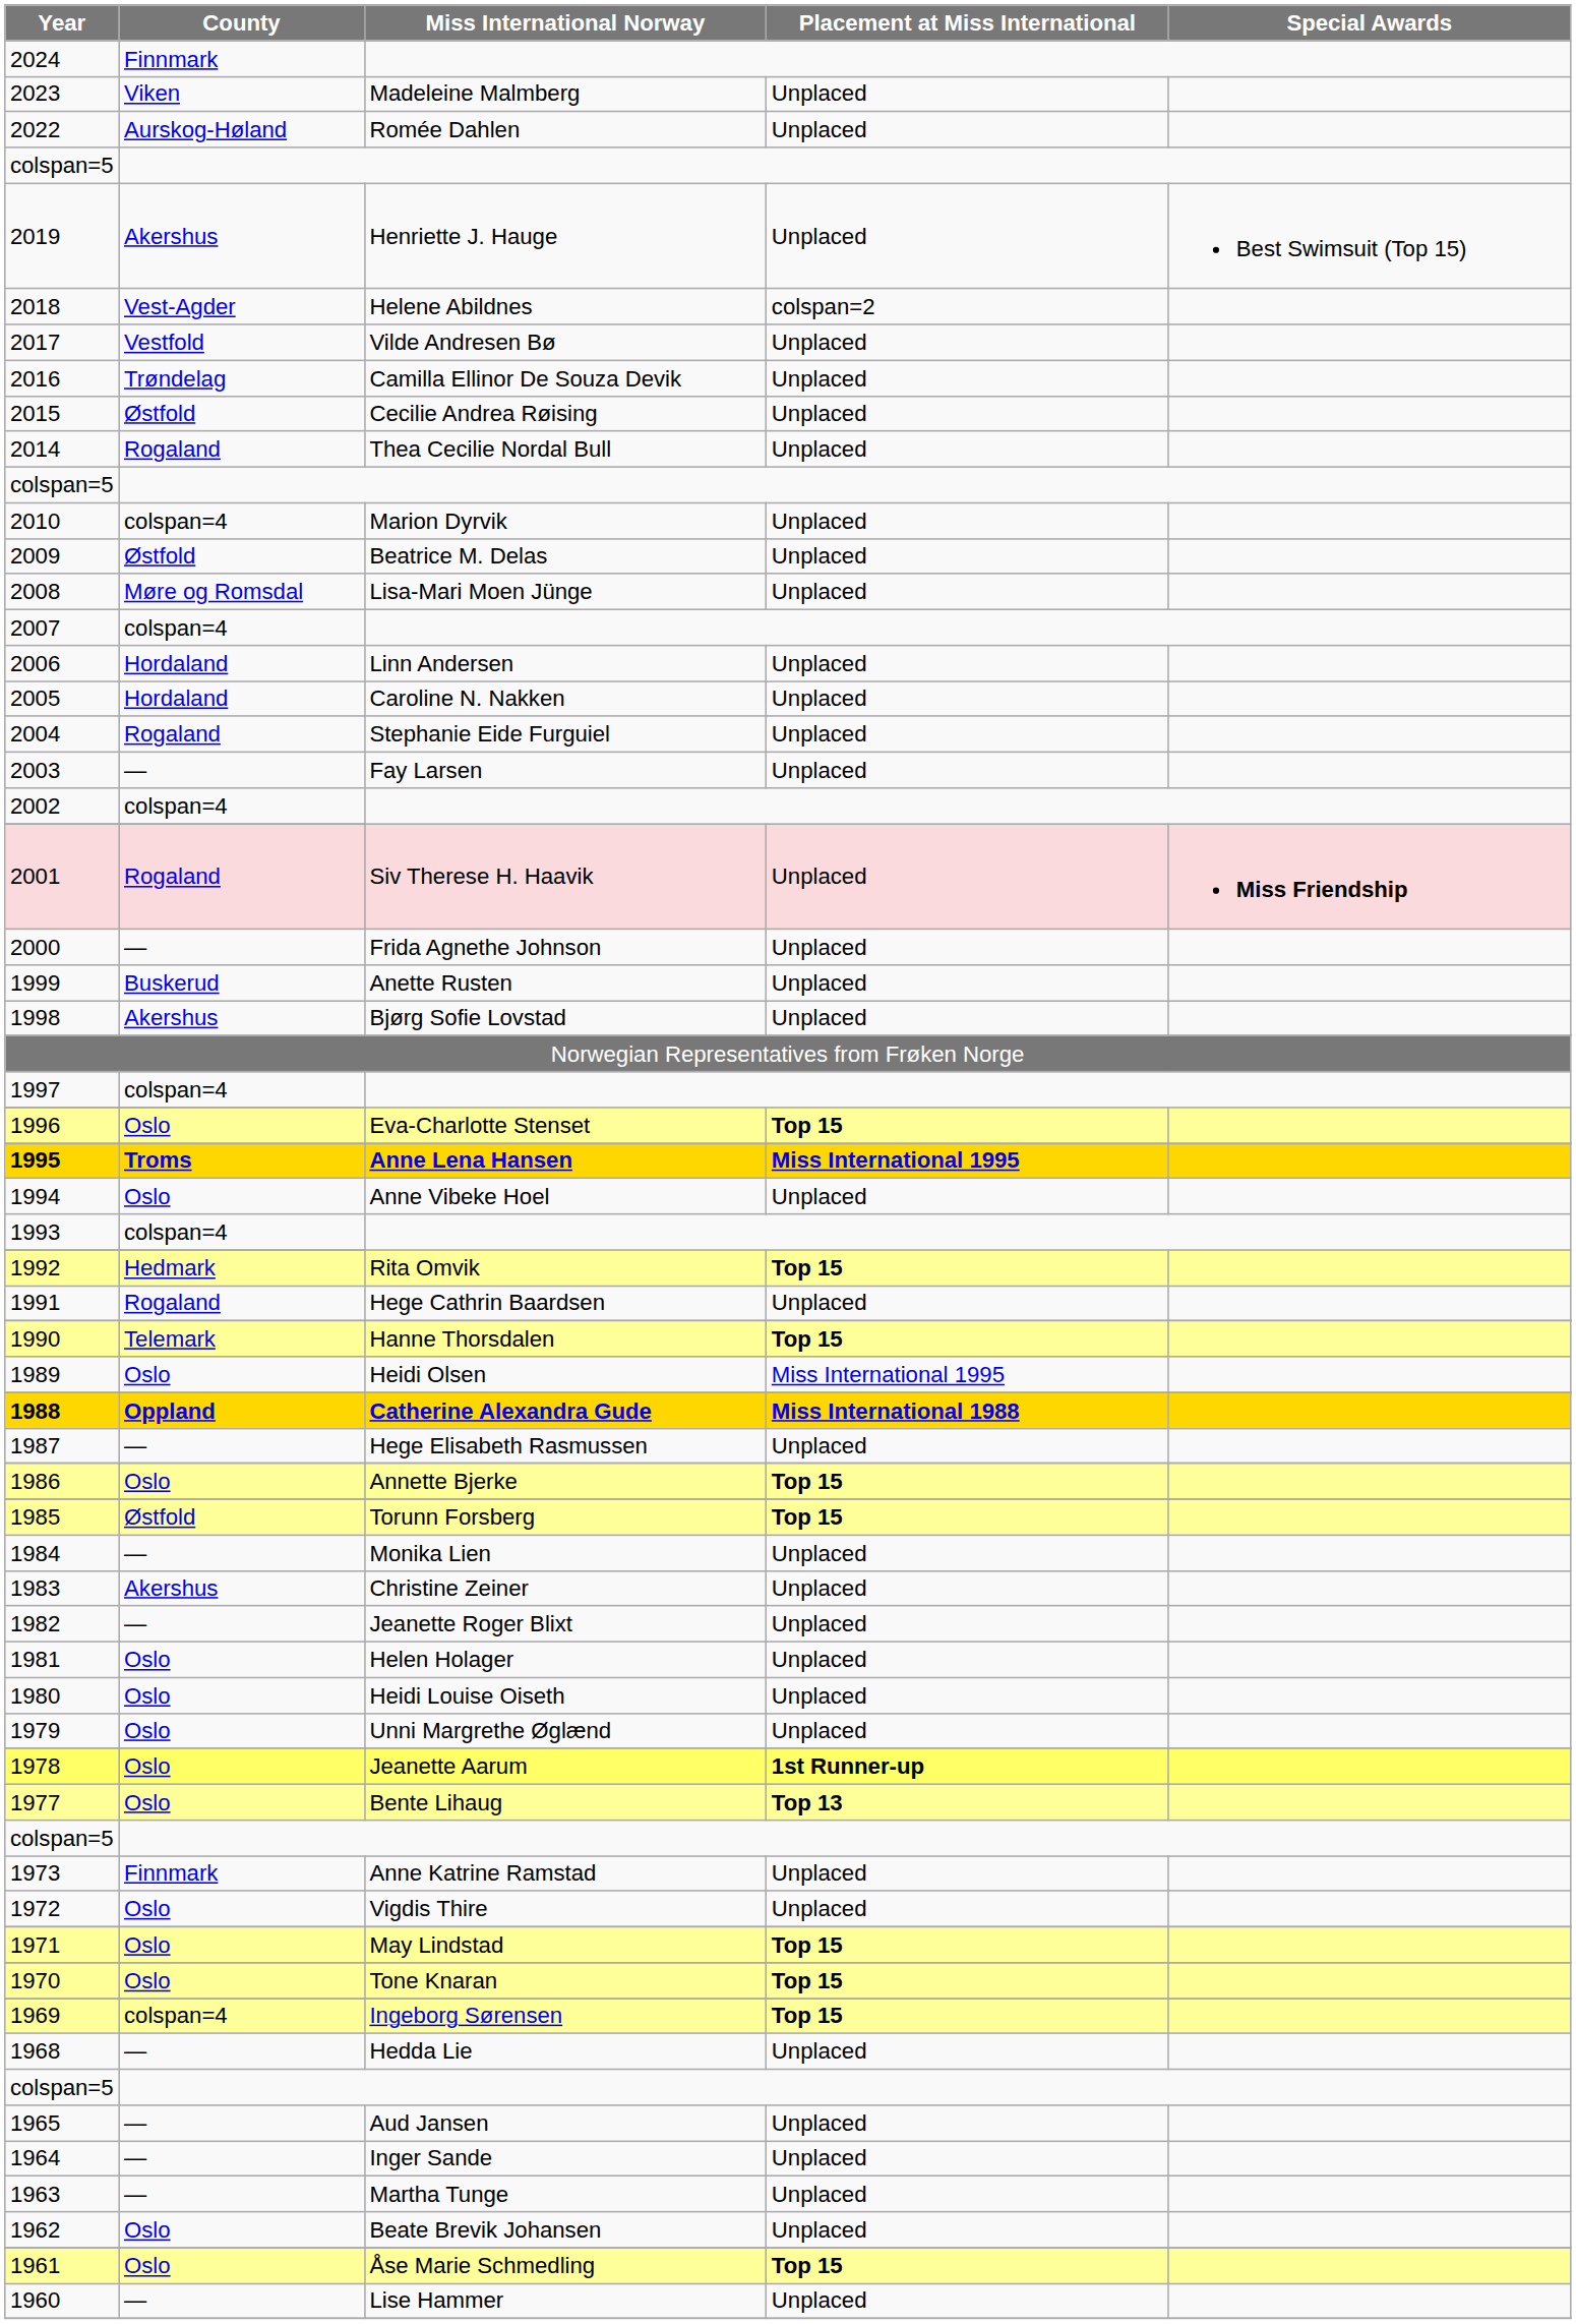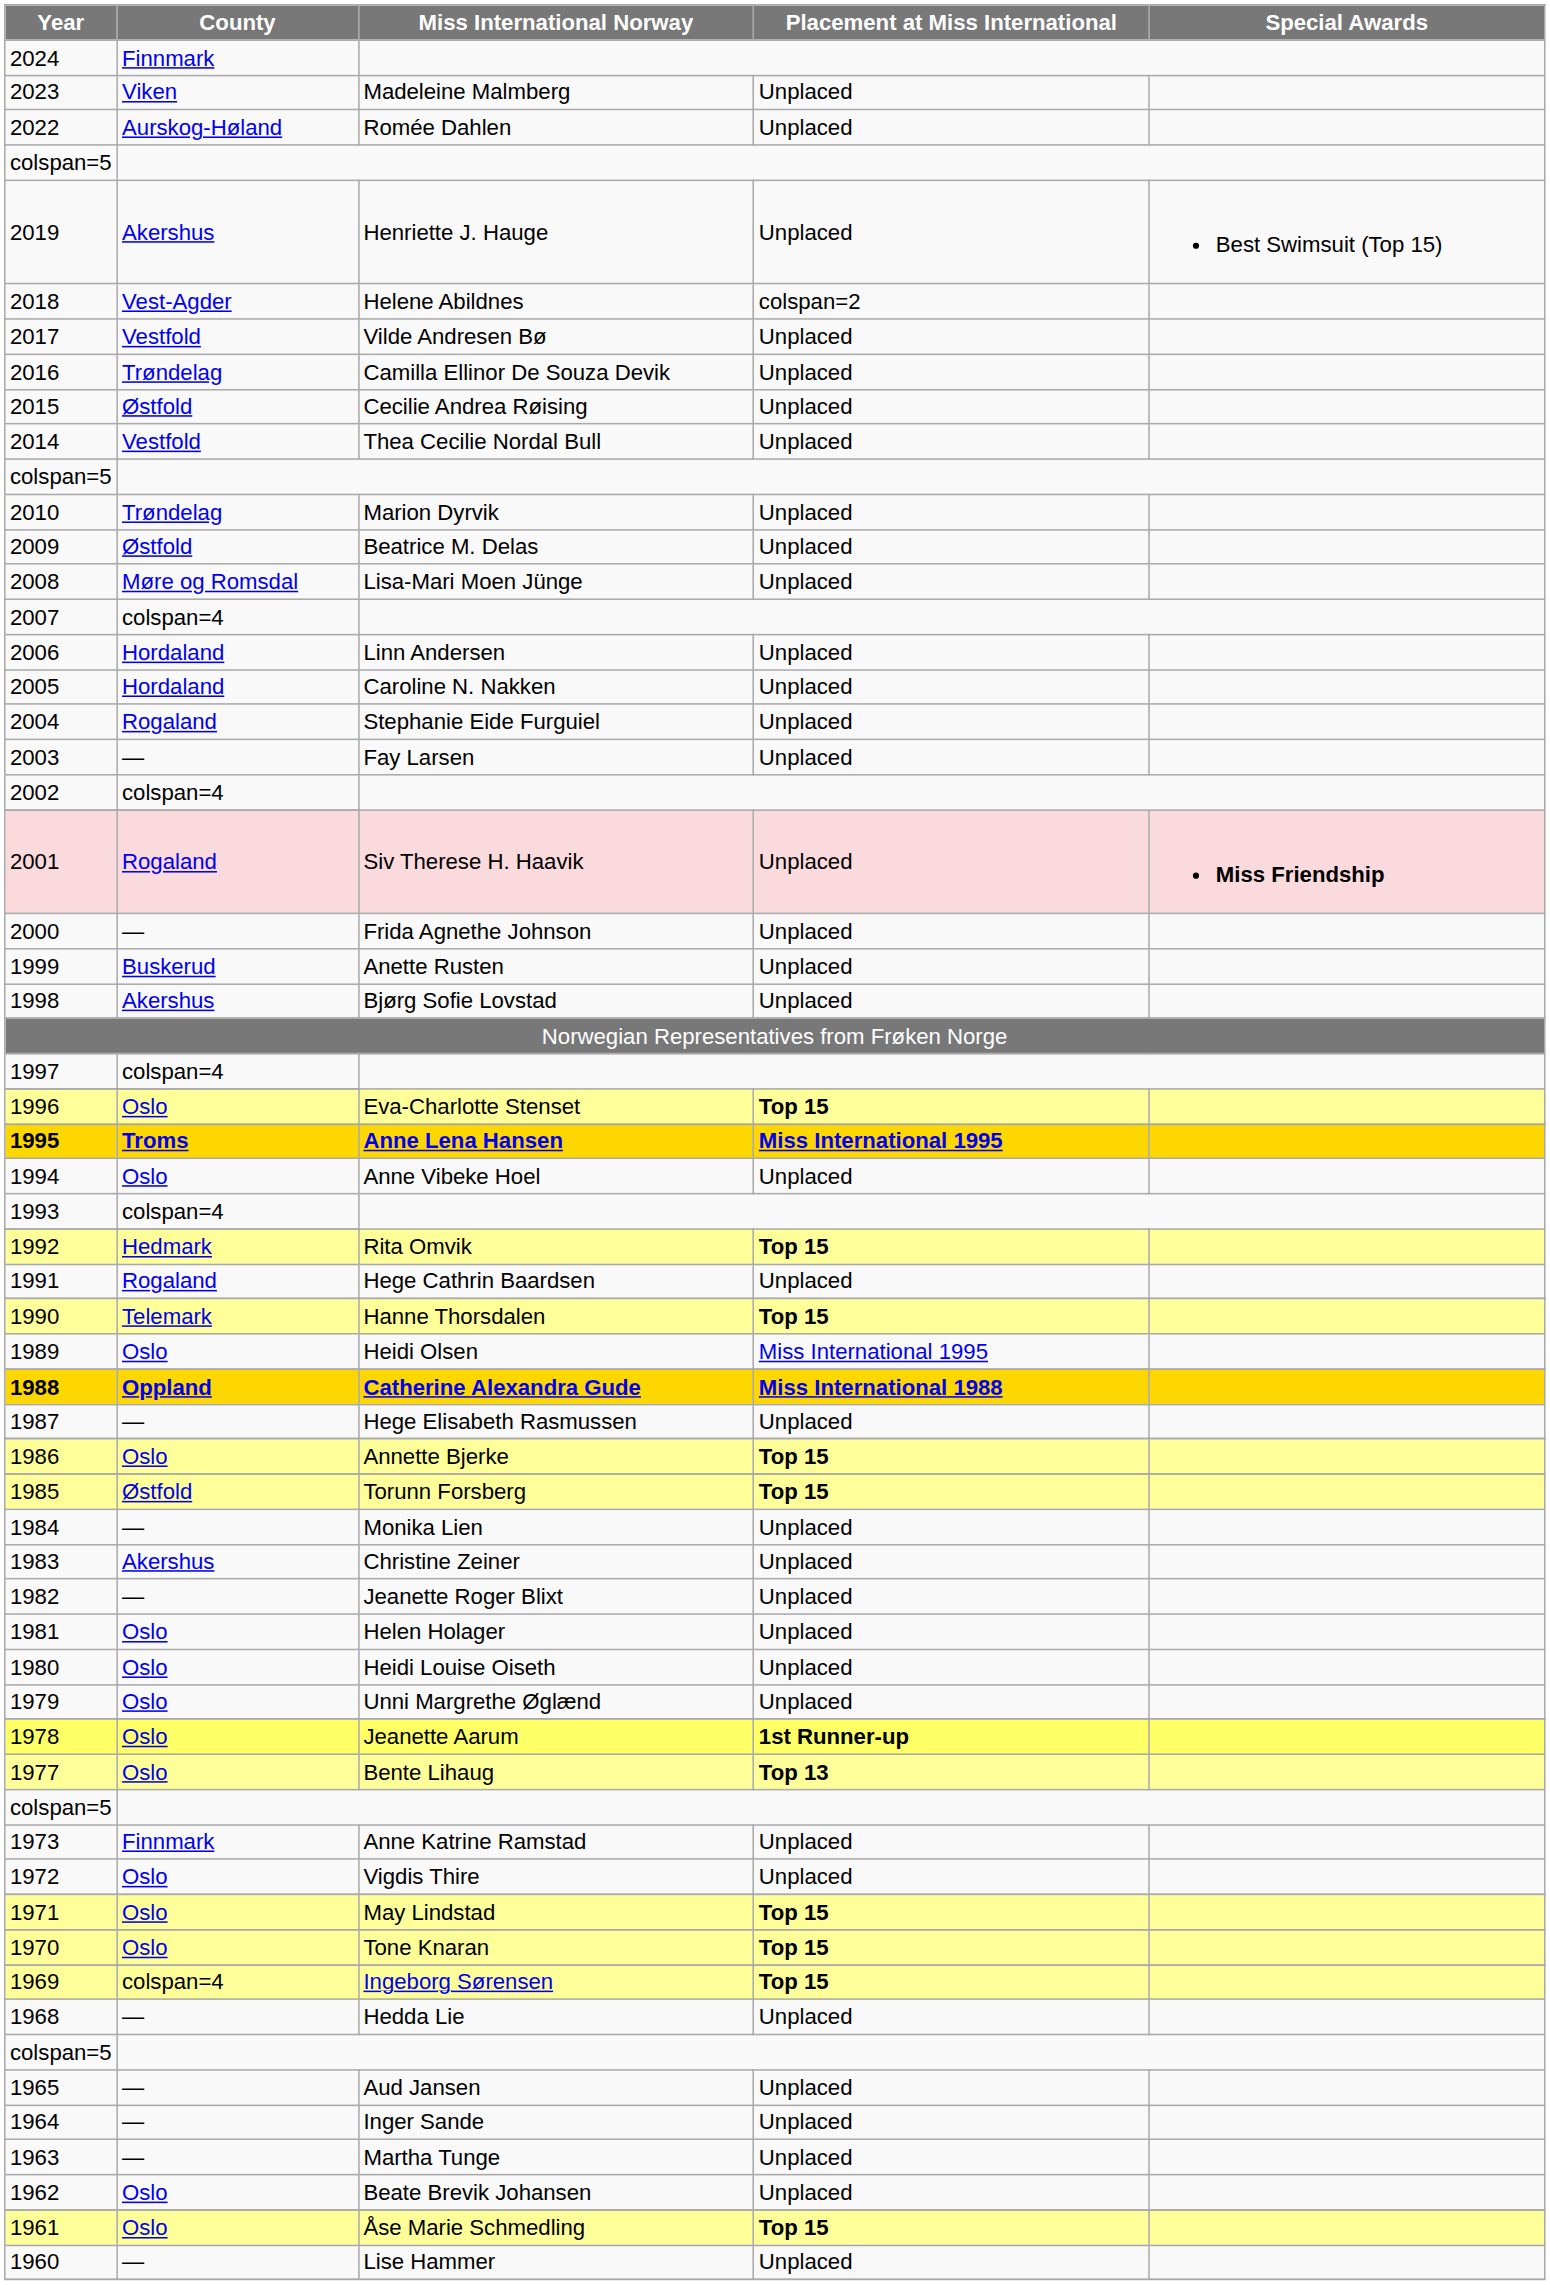 <table class="wikitable " style="font-size: 90%;">
 <tr>
 <th width="60" style="background-color:#787878;color:#FFFFFF;">Year</th>
 <th width="150" style="background-color:#787878;color:#FFFFFF;">County</th>
 <th width="250" style="background-color:#787878;color:#FFFFFF;">Miss International Norway</th>
 <th width="250" style="background-color:#787878;color:#FFFFFF;">Placement at Miss International</th>
 <th width="250" style="background-color:#787878;color:#FFFFFF;">Special Awards</th>
 </tr>
 <tr>
 <td>2024</td>
 <td><a href='#'>Finnmark</a></td>
 </tr>
 <tr>
 <td>2023</td>
 <td><a href='#'>Viken</a></td>
 <td>Madeleine Malmberg</td>
 <td>Unplaced</td>
 <td></td>
 </tr>
 <tr>
 <td>2022</td>
 <td><a href='#'>Aurskog-Høland</a></td>
 <td>Romée Dahlen</td>
 <td>Unplaced</td>
 <td></td>
 </tr>
 <tr>
 <td>colspan=5 </td>
 </tr>
 <tr>
 <td>2019</td>
 <td><a href='#'>Akershus</a></td>
 <td>Henriette J. Hauge</td>
 <td>Unplaced</td>
 <td align="left"><br><ul><li>Best Swimsuit (Top 15)</li></ul></td>
 </tr>
 <tr>
 <td>2018</td>
 <td><a href='#'>Vest-Agder</a></td>
 <td>Helene Abildnes</td>
 <td>colspan=2 </td>
 </tr>
 <tr>
 <td>2017</td>
 <td><a href='#'>Vestfold</a></td>
 <td>Vilde Andresen Bø</td>
 <td>Unplaced</td>
 <td></td>
 </tr>
 <tr>
 <td>2016</td>
 <td><a href='#'>Trøndelag</a></td>
 <td>Camilla Ellinor De Souza Devik</td>
 <td>Unplaced</td>
 <td></td>
 </tr>
 <tr>
 <td>2015</td>
 <td><a href='#'>Østfold</a></td>
 <td>Cecilie Andrea Røising</td>
 <td>Unplaced</td>
 <td></td>
 </tr>
 <tr>
 <td>2014</td>
-<td><a href='#'>Rogaland</a></td>
+<td><a href='#'>Vestfold</a></td>
 <td>Thea Cecilie Nordal Bull</td>
 <td>Unplaced</td>
 <td></td>
 </tr>
 <tr>
 <td>colspan=5 </td>
 </tr>
 <tr>
 <td>2010</td>
-<td>colspan=4 </td>
+<td><a href='#'>Trøndelag</a></td>
 <td>Marion Dyrvik</td>
 <td>Unplaced</td>
 <td></td>
 </tr>
 <tr>
 <td>2009</td>
 <td><a href='#'>Østfold</a></td>
 <td>Beatrice M. Delas</td>
 <td>Unplaced</td>
 <td></td>
 </tr>
 <tr>
 <td>2008</td>
 <td><a href='#'>Møre og Romsdal</a></td>
 <td>Lisa-Mari Moen Jünge</td>
 <td>Unplaced</td>
 <td></td>
 </tr>
 <tr>
 <td>2007</td>
 <td>colspan=4 </td>
 </tr>
 <tr>
 <td>2006</td>
 <td><a href='#'>Hordaland</a></td>
 <td>Linn Andersen</td>
 <td>Unplaced</td>
 <td></td>
 </tr>
 <tr>
 <td>2005</td>
 <td><a href='#'>Hordaland</a></td>
 <td>Caroline N. Nakken</td>
 <td>Unplaced</td>
 <td></td>
 </tr>
 <tr>
 <td>2004</td>
 <td><a href='#'>Rogaland</a></td>
 <td>Stephanie Eide Furguiel</td>
 <td>Unplaced</td>
 <td></td>
 </tr>
 <tr>
 <td>2003</td>
 <td>—</td>
 <td>Fay Larsen</td>
 <td>Unplaced</td>
 <td></td>
 </tr>
 <tr>
 <td>2002</td>
 <td>colspan=4 </td>
 </tr>
 <tr>
 </tr>
 <tr style="background-color:#FADADD; ">
 <td>2001</td>
 <td><a href='#'>Rogaland</a></td>
 <td>Siv Therese H. Haavik</td>
 <td>Unplaced</td>
 <td align="left"><br><ul><li><strong>Miss Friendship</strong></li></ul></td>
 </tr>
 <tr>
 <td>2000</td>
 <td>—</td>
 <td>Frida Agnethe Johnson</td>
 <td>Unplaced</td>
 <td></td>
 </tr>
 <tr>
 <td>1999</td>
 <td><a href='#'>Buskerud</a></td>
 <td>Anette Rusten</td>
 <td>Unplaced</td>
 <td></td>
 </tr>
 <tr>
 <td>1998</td>
 <td><a href='#'>Akershus</a></td>
 <td>Bjørg Sofie Lovstad</td>
 <td>Unplaced</td>
 <td></td>
 </tr>
 <tr>
 </tr>
 <tr bgcolor="#787878" align="center">
 <td colspan="5" style="color:white" >Norwegian Representatives from Frøken Norge</td>
 </tr>
 <tr>
 <td>1997</td>
 <td>colspan=4 </td>
 </tr>
 <tr>
 </tr>
 <tr style="background-color:#FFFF99;">
 <td>1996</td>
 <td><a href='#'>Oslo</a></td>
 <td>Eva-Charlotte Stenset</td>
 <td><strong>Top 15</strong></td>
 <td></td>
 </tr>
 <tr>
 </tr>
 <tr style="background-color:GOLD; font-weight: bold">
 <td>1995</td>
 <td><a href='#'>Troms</a></td>
 <td><a href='#'>Anne Lena Hansen</a></td>
 <td><a href='#'>Miss International 1995</a></td>
 <td></td>
 </tr>
 <tr>
 <td>1994</td>
 <td><a href='#'>Oslo</a></td>
 <td>Anne Vibeke Hoel</td>
 <td>Unplaced</td>
 <td></td>
 </tr>
 <tr>
 <td>1993</td>
 <td>colspan=4 </td>
 </tr>
 <tr>
 </tr>
 <tr style="background-color:#FFFF99;">
 <td>1992</td>
 <td><a href='#'>Hedmark</a></td>
 <td>Rita Omvik</td>
 <td><strong>Top 15</strong></td>
 <td></td>
 </tr>
 <tr>
 <td>1991</td>
 <td><a href='#'>Rogaland</a></td>
 <td>Hege Cathrin Baardsen</td>
 <td>Unplaced</td>
 <td></td>
 </tr>
 <tr>
 </tr>
 <tr style="background-color:#FFFF99;">
 <td>1990</td>
 <td><a href='#'>Telemark</a></td>
 <td>Hanne Thorsdalen</td>
 <td><strong>Top 15</strong></td>
 <td></td>
 </tr>
 <tr>
 <td>1989</td>
 <td><a href='#'>Oslo</a></td>
 <td>Heidi Olsen</td>
 <td><a href='#'>Miss International 1995</a></td>
 <td></td>
 </tr>
 <tr>
 </tr>
 <tr style="background-color:GOLD; font-weight: bold">
 <td>1988</td>
 <td><a href='#'>Oppland</a></td>
 <td><a href='#'>Catherine Alexandra Gude</a></td>
 <td><a href='#'>Miss International 1988</a></td>
 <td></td>
 </tr>
 <tr>
 <td>1987</td>
 <td>—</td>
 <td>Hege Elisabeth Rasmussen</td>
 <td>Unplaced</td>
 <td></td>
 </tr>
 <tr>
 </tr>
 <tr style="background-color:#FFFF99;">
 <td>1986</td>
 <td><a href='#'>Oslo</a></td>
 <td>Annette Bjerke</td>
 <td><strong>Top 15</strong></td>
 <td></td>
 </tr>
 <tr>
 </tr>
 <tr style="background-color:#FFFF99;">
 <td>1985</td>
 <td><a href='#'>Østfold</a></td>
 <td>Torunn Forsberg</td>
 <td><strong>Top 15</strong></td>
 <td></td>
 </tr>
 <tr>
 <td>1984</td>
 <td>—</td>
 <td>Monika Lien</td>
 <td>Unplaced</td>
 <td></td>
 </tr>
 <tr>
 <td>1983</td>
 <td><a href='#'>Akershus</a></td>
 <td>Christine Zeiner</td>
 <td>Unplaced</td>
 <td></td>
 </tr>
 <tr>
 <td>1982</td>
 <td>—</td>
 <td>Jeanette Roger Blixt</td>
 <td>Unplaced</td>
 <td></td>
 </tr>
 <tr>
 <td>1981</td>
 <td><a href='#'>Oslo</a></td>
 <td>Helen Holager</td>
 <td>Unplaced</td>
 <td></td>
 </tr>
 <tr>
 <td>1980</td>
 <td><a href='#'>Oslo</a></td>
 <td>Heidi Louise Oiseth</td>
 <td>Unplaced</td>
 <td></td>
 </tr>
 <tr>
 <td>1979</td>
 <td><a href='#'>Oslo</a></td>
 <td>Unni Margrethe Øglænd</td>
 <td>Unplaced</td>
 <td></td>
 </tr>
 <tr>
 </tr>
 <tr style="background-color:#FFFF66;">
 <td>1978</td>
 <td><a href='#'>Oslo</a></td>
 <td>Jeanette Aarum</td>
 <td><strong>1st Runner-up</strong></td>
 <td></td>
 </tr>
 <tr style="background-color:#FFFF99;">
 <td>1977</td>
 <td><a href='#'>Oslo</a></td>
 <td>Bente Lihaug</td>
 <td><strong>Top 13</strong></td>
 <td></td>
 </tr>
 <tr>
 <td>colspan=5 </td>
 </tr>
 <tr>
 <td>1973</td>
 <td><a href='#'>Finnmark</a></td>
 <td>Anne Katrine Ramstad</td>
 <td>Unplaced</td>
 <td></td>
 </tr>
 <tr>
 <td>1972</td>
 <td><a href='#'>Oslo</a></td>
 <td>Vigdis Thire</td>
 <td>Unplaced</td>
 <td></td>
 </tr>
 <tr>
 </tr>
 <tr style="background-color:#FFFF99;">
 <td>1971</td>
 <td><a href='#'>Oslo</a></td>
 <td>May Lindstad</td>
 <td><strong>Top 15</strong></td>
 <td></td>
 </tr>
 <tr>
 </tr>
 <tr style="background-color:#FFFF99;">
 <td>1970</td>
 <td><a href='#'>Oslo</a></td>
 <td>Tone Knaran</td>
 <td><strong>Top 15</strong></td>
 <td></td>
 </tr>
 <tr>
 </tr>
 <tr style="background-color:#FFFF99;">
 <td>1969</td>
 <td>colspan=4 </td>
 <td><a href='#'>Ingeborg Sørensen</a></td>
 <td><strong>Top 15</strong></td>
 <td></td>
 </tr>
 <tr>
 <td>1968</td>
 <td>—</td>
 <td>Hedda Lie</td>
 <td>Unplaced</td>
 <td></td>
 </tr>
 <tr>
 <td>colspan=5 </td>
 </tr>
 <tr>
 <td>1965</td>
 <td>—</td>
 <td>Aud Jansen</td>
 <td>Unplaced</td>
 <td></td>
 </tr>
 <tr>
 <td>1964</td>
 <td>—</td>
 <td>Inger Sande</td>
 <td>Unplaced</td>
 <td></td>
 </tr>
 <tr>
 <td>1963</td>
 <td>—</td>
 <td>Martha Tunge</td>
 <td>Unplaced</td>
 <td></td>
 </tr>
 <tr>
 <td>1962</td>
 <td><a href='#'>Oslo</a></td>
 <td>Beate Brevik Johansen</td>
 <td>Unplaced</td>
 <td></td>
 </tr>
 <tr>
 </tr>
 <tr style="background-color:#FFFF99;">
 <td>1961</td>
 <td><a href='#'>Oslo</a></td>
 <td>Åse Marie Schmedling</td>
 <td><strong>Top 15</strong></td>
 <td></td>
 </tr>
 <tr>
 <td>1960</td>
 <td>—</td>
 <td>Lise Hammer</td>
 <td>Unplaced</td>
 <td></td>
 </tr>
 <tr>
 </tr>
 </table>
